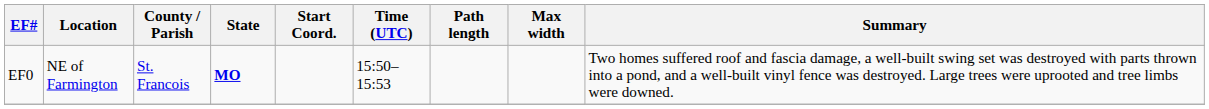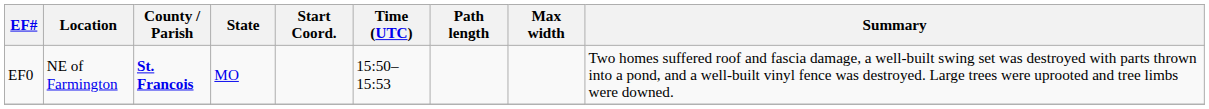 <table class="wikitable sortable" style="width:100%;">
 <tr>
 <th scope="col"  style="width:3%; text-align:center;"><a href='#'>EF#</a></th>
 <th scope="col"  style="width:7%; text-align:center;" class="unsortable">Location</th>
 <th scope="col"  style="width:6%; text-align:center;" class="unsortable">County / Parish</th>
 <th scope="col"  style="width:5%; text-align:center;">State</th>
 <th scope="col"  style="width:6%; text-align:center;">Start Coord.</th>
 <th scope="col"  style="width:6%; text-align:center;">Time (<a href='#'>UTC</a>)</th>
 <th scope="col"  style="width:6%; text-align:center;">Path length</th>
 <th scope="col"  style="width:6%; text-align:center;">Max width</th>
 <th scope="col" class="unsortable" style="width:48%; text-align:center;">Summary</th>
 </tr>
 <tr>
 <td>EF0</td>
 <td>NE of <a href='#'>Farmington</a></td>
-<td><a href='#'>St. Francois</a></td>
-<td><strong><a href='#'>MO</a></strong></td>
+<td><strong><a href='#'>St. Francois</a></strong></td>
+<td><a href='#'>MO</a></td>
 <td></td>
 <td>15:50–15:53</td>
 <td></td>
 <td></td>
 <td>Two homes suffered roof and fascia damage, a well-built swing set was destroyed with parts thrown into a pond, and a well-built vinyl fence was destroyed. Large trees were uprooted and tree limbs were downed.</td>
 </tr>
 <tr>
 </tr>
 </table>
